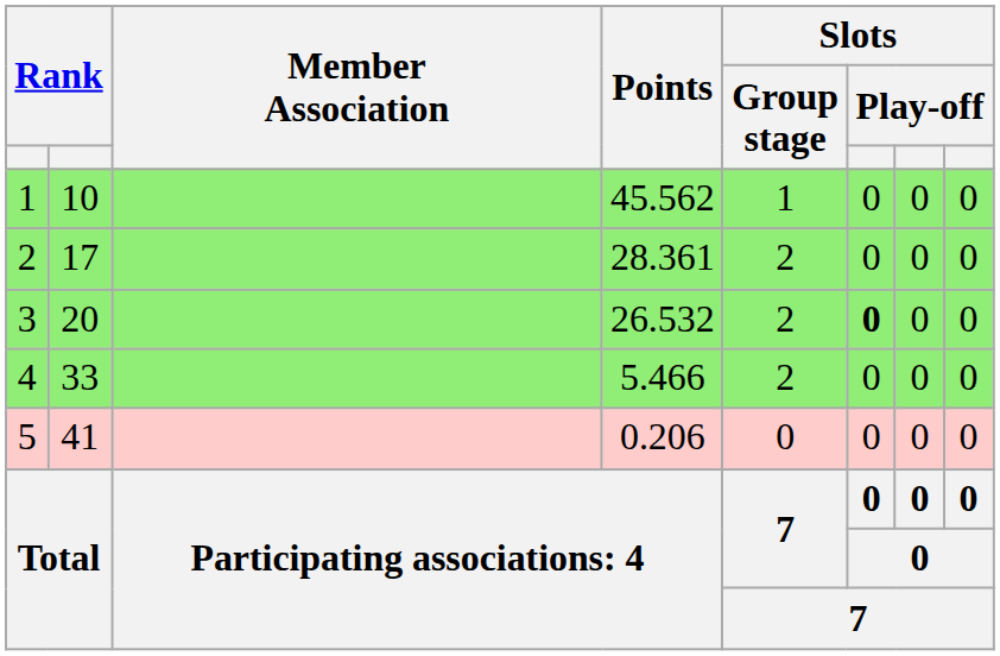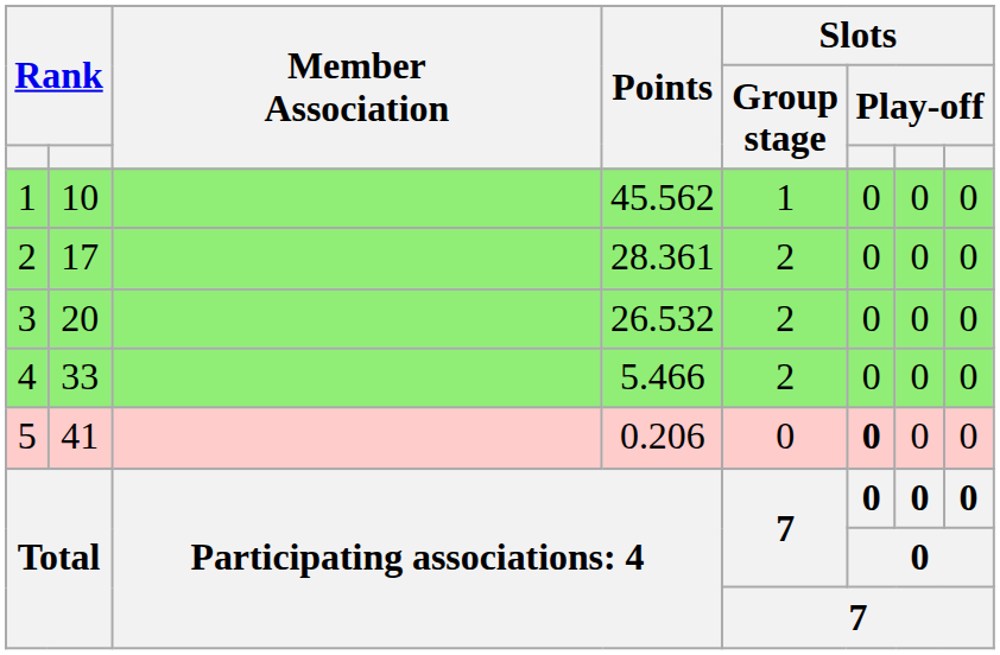 <table class="wikitable" style="text-align:center">
 <tr>
 </tr>
 <tr>
 <th colspan=2 rowspan=2><a href='#'>Rank</a></th>
 <th rowspan=3 width=200>Member<br>Association</th>
 <th rowspan=3>Points</th>
 <th colspan=5>Slots</th>
 </tr>
 <tr>
 <th rowspan=2>Group<br>stage</th>
 <th colspan=4>Play-off</th>
 </tr>
 <tr>
 <th></th>
 <th></th>
 <th></th>
 <th></th>
 <th></th>
 </tr>
 <tr bgcolor=#90ee77>
 <td>1</td>
 <td>10</td>
 <td align=left></td>
 <td>45.562</td>
 <td>1</td>
 <td>0</td>
 <td>0</td>
 <td>0</td>
 </tr>
 <tr bgcolor=#90ee77>
 <td>2</td>
 <td>17</td>
 <td align=left></td>
 <td>28.361</td>
 <td>2</td>
 <td>0</td>
 <td>0</td>
 <td>0</td>
 </tr>
 <tr bgcolor=#90ee77>
 <td>3</td>
 <td>20</td>
 <td align=left></td>
 <td>26.532</td>
 <td>2</td>
-<td><strong>0</strong></td>
+<td>0</td>
 <td>0</td>
 <td>0</td>
 </tr>
 <tr bgcolor=#90ee77>
 <td>4</td>
 <td>33</td>
 <td align=left></td>
 <td>5.466</td>
 <td>2</td>
 <td>0</td>
 <td>0</td>
 <td>0</td>
 </tr>
 <tr bgcolor=ffcccc>
 <td>5</td>
 <td>41</td>
 <td align=left></td>
 <td>0.206</td>
 <td>0</td>
-<td>0</td>
+<td><strong>0</strong></td>
 <td>0</td>
 <td>0</td>
 </tr>
 <tr>
 <th colspan=2 rowspan=3>Total</th>
 <th colspan=2 rowspan=3>Participating associations: 4</th>
 <th rowspan=2>7</th>
 <th>0</th>
 <th>0</th>
 <th>0</th>
 </tr>
 <tr>
 <th colspan=3>0</th>
 </tr>
 <tr>
 <th colspan=4>7</th>
 </tr>
 </table>
